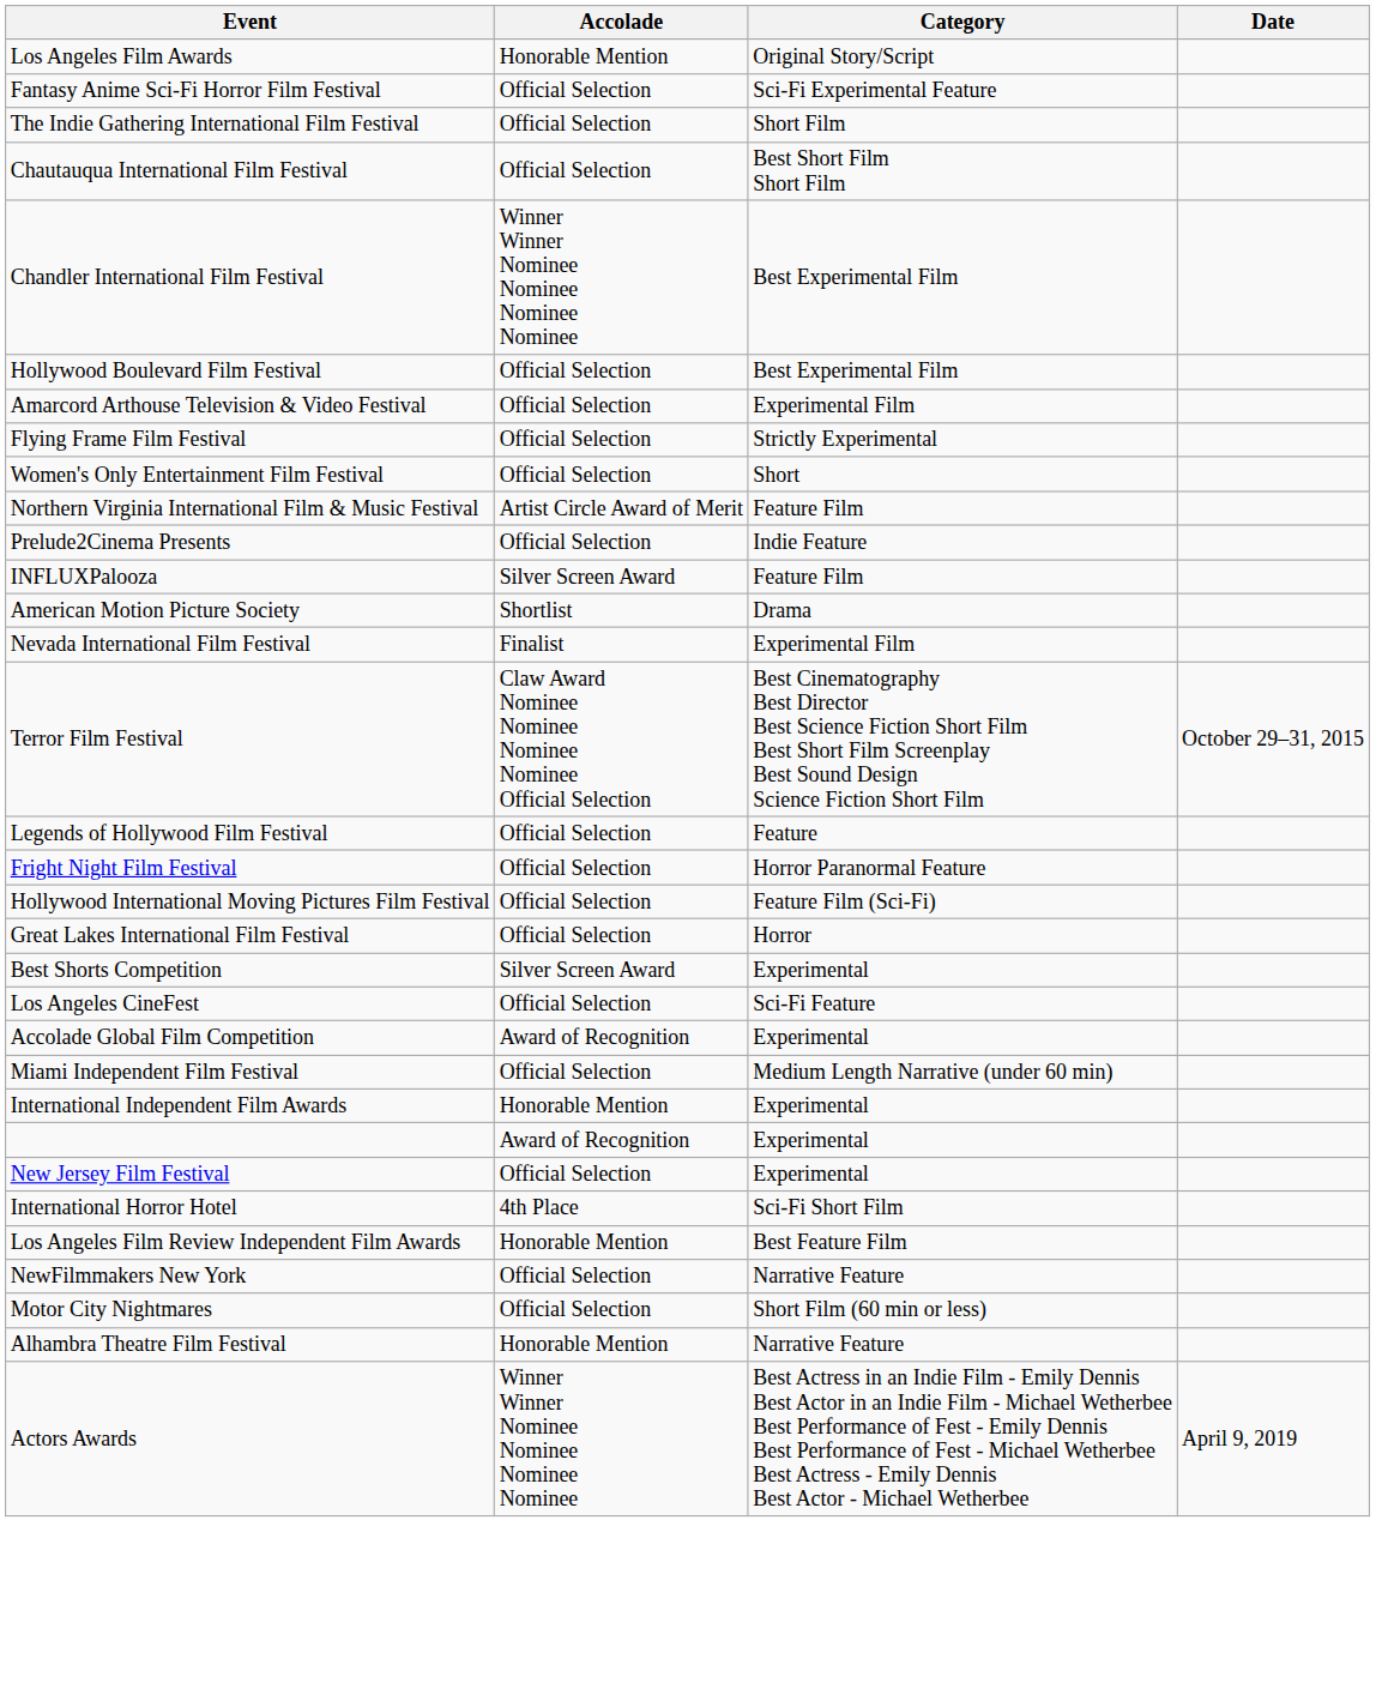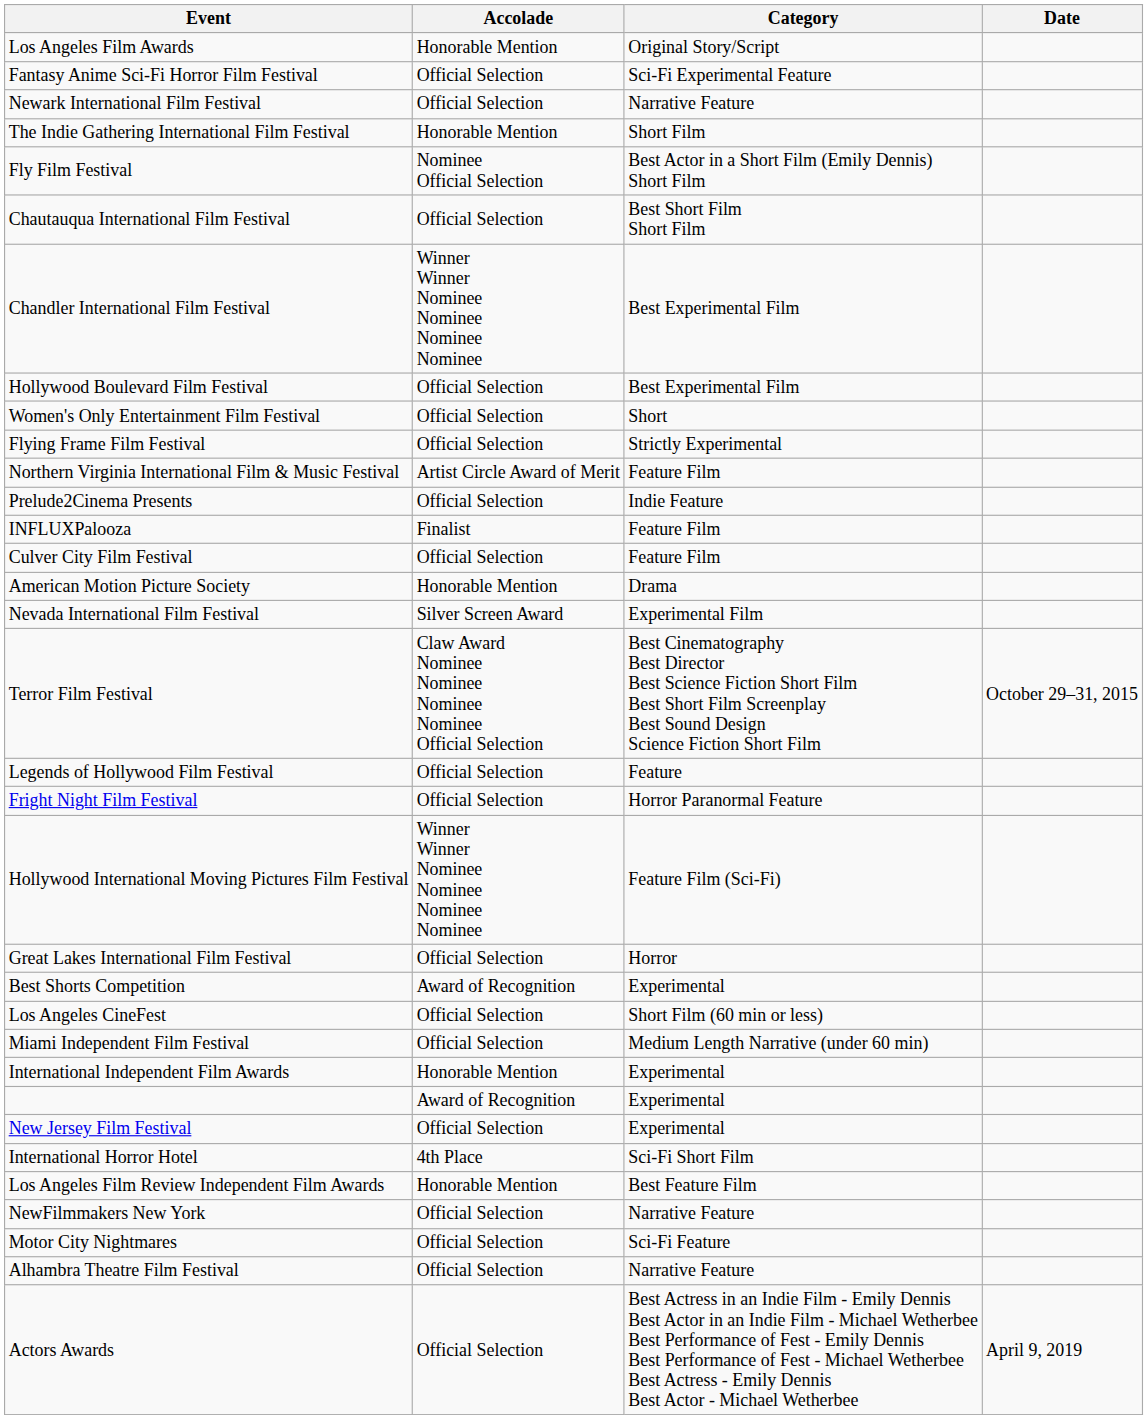 <table class="wikitable sortable">
 <tr>
 <th>Event</th>
 <th>Accolade</th>
 <th>Category</th>
 <th>Date</th>
 </tr>
 <tr>
 <td>Los Angeles Film Awards</td>
 <td>Honorable Mention</td>
 <td>Original Story/Script</td>
 <td></td>
 </tr>
 <tr>
 <td>Fantasy Anime Sci-Fi Horror Film Festival</td>
 <td>Official Selection</td>
 <td>Sci-Fi Experimental Feature</td>
 <td></td>
 </tr>
 <tr>
+<td>Newark International Film Festival</td>
+<td>Official Selection</td>
+<td>Narrative Feature</td>
+<td></td>
+</tr>
+<tr>
 <td>The Indie Gathering International Film Festival</td>
-<td>Official Selection</td>
+<td>Honorable Mention</td>
 <td>Short Film</td>
+<td></td>
+</tr>
+<tr>
+<td>Fly Film Festival</td>
+<td>Nominee<br>Official Selection</td>
+<td>Best Actor in a Short Film (Emily Dennis)<br>Short Film</td>
 <td></td>
 </tr>
 <tr>
 <td>Chautauqua International Film Festival</td>
 <td>Official Selection</td>
 <td>Best Short Film<br>Short Film</td>
 <td></td>
 </tr>
 <tr>
 <td>Chandler International Film Festival</td>
 <td>Winner<br>Winner <br> Nominee <br> Nominee <br> Nominee <br> Nominee</td>
 <td>Best Experimental Film</td>
 <td></td>
 </tr>
 <tr>
 <td>Hollywood Boulevard Film Festival</td>
 <td>Official Selection</td>
 <td>Best Experimental Film</td>
 <td></td>
 </tr>
 <tr>
-<td>Amarcord Arthouse Television & Video Festival</td>
+<td>Women's Only Entertainment Film Festival</td>
 <td>Official Selection</td>
-<td>Experimental Film</td>
+<td>Short</td>
 <td></td>
 </tr>
 <tr>
 <td>Flying Frame Film Festival</td>
 <td>Official Selection</td>
 <td>Strictly Experimental</td>
-<td></td>
-</tr>
-<tr>
-<td>Women's Only Entertainment Film Festival</td>
-<td>Official Selection</td>
-<td>Short</td>
 <td></td>
 </tr>
 <tr>
 <td>Northern Virginia International Film & Music Festival</td>
 <td>Artist Circle Award of Merit</td>
 <td>Feature Film</td>
 <td></td>
 </tr>
 <tr>
 <td>Prelude2Cinema Presents</td>
 <td>Official Selection</td>
 <td>Indie Feature</td>
 <td></td>
 </tr>
 <tr>
 <td>INFLUXPalooza</td>
-<td>Silver Screen Award</td>
+<td>Finalist</td>
+<td>Feature Film</td>
+<td></td>
+</tr>
+<tr>
+<td>Culver City Film Festival</td>
+<td>Official Selection</td>
 <td>Feature Film</td>
 <td></td>
 </tr>
 <tr>
 <td>American Motion Picture Society</td>
-<td>Shortlist</td>
+<td>Honorable Mention</td>
 <td>Drama</td>
 <td></td>
 </tr>
 <tr>
 <td>Nevada International Film Festival</td>
-<td>Finalist</td>
+<td>Silver Screen Award</td>
 <td>Experimental Film</td>
 <td></td>
 </tr>
 <tr>
 <td>Terror Film Festival</td>
 <td>Claw Award<br>Nominee <br> Nominee <br> Nominee <br> Nominee <br> Official Selection</td>
 <td>Best Cinematography<br>Best Director <br> Best Science Fiction Short Film <br> Best Short Film Screenplay <br> Best Sound Design <br> Science Fiction Short Film</td>
 <td> October 29–31, 2015</td>
 </tr>
 <tr>
 <td>Legends of Hollywood Film Festival</td>
 <td>Official Selection</td>
 <td>Feature</td>
 <td></td>
 </tr>
 <tr>
 <td><a href='#'>Fright Night Film Festival</a></td>
 <td>Official Selection</td>
 <td>Horror Paranormal Feature</td>
 <td></td>
 </tr>
 <tr>
 <td>Hollywood International Moving Pictures Film Festival</td>
-<td>Official Selection</td>
+<td>Winner<br>Winner <br> Nominee <br> Nominee <br> Nominee <br> Nominee</td>
 <td>Feature Film (Sci-Fi)</td>
 <td></td>
 </tr>
 <tr>
 <td>Great Lakes International Film Festival</td>
 <td>Official Selection</td>
 <td>Horror</td>
 <td></td>
 </tr>
 <tr>
 <td>Best Shorts Competition</td>
-<td>Silver Screen Award</td>
+<td>Award of Recognition</td>
 <td>Experimental</td>
 <td></td>
 </tr>
 <tr>
 <td>Los Angeles CineFest</td>
 <td>Official Selection</td>
-<td>Sci-Fi Feature</td>
-<td></td>
-</tr>
-<tr>
-<td>Accolade Global Film Competition</td>
-<td>Award of Recognition</td>
-<td>Experimental</td>
+<td>Short Film (60 min or less)</td>
 <td></td>
 </tr>
 <tr>
 <td>Miami Independent Film Festival</td>
 <td>Official Selection</td>
 <td>Medium Length Narrative (under 60 min)</td>
 <td></td>
 </tr>
 <tr>
 <td>International Independent Film Awards</td>
 <td>Honorable Mention</td>
 <td>Experimental</td>
 <td></td>
 </tr>
 <tr>
 <td></td>
 <td>Award of Recognition</td>
 <td>Experimental</td>
 <td></td>
 </tr>
 <tr>
 <td><a href='#'>New Jersey Film Festival</a></td>
 <td>Official Selection</td>
 <td>Experimental</td>
 <td></td>
 </tr>
 <tr>
 <td>International Horror Hotel</td>
 <td>4th Place</td>
 <td>Sci-Fi Short Film</td>
 <td></td>
 </tr>
 <tr>
 <td>Los Angeles Film Review Independent Film Awards</td>
 <td>Honorable Mention</td>
 <td>Best Feature Film</td>
 <td></td>
 </tr>
 <tr>
 <td>NewFilmmakers New York</td>
 <td>Official Selection</td>
 <td>Narrative Feature</td>
 <td></td>
 </tr>
 <tr>
 <td>Motor City Nightmares</td>
 <td>Official Selection</td>
-<td>Short Film (60 min or less)</td>
+<td>Sci-Fi Feature</td>
 <td></td>
 </tr>
 <tr>
 <td>Alhambra Theatre Film Festival</td>
-<td>Honorable Mention</td>
+<td>Official Selection</td>
 <td>Narrative Feature</td>
 <td></td>
 </tr>
 <tr>
 <td>Actors Awards</td>
-<td>Winner<br>Winner <br> Nominee <br> Nominee <br> Nominee <br> Nominee</td>
+<td>Official Selection</td>
 <td>Best Actress in an Indie Film - Emily Dennis<br>Best Actor in an Indie Film - Michael Wetherbee <br> Best Performance of Fest - Emily Dennis <br> Best Performance of Fest - Michael Wetherbee <br> Best Actress - Emily Dennis <br> Best Actor - Michael Wetherbee</td>
 <td> April 9, 2019</td>
 </tr>
 </table>
